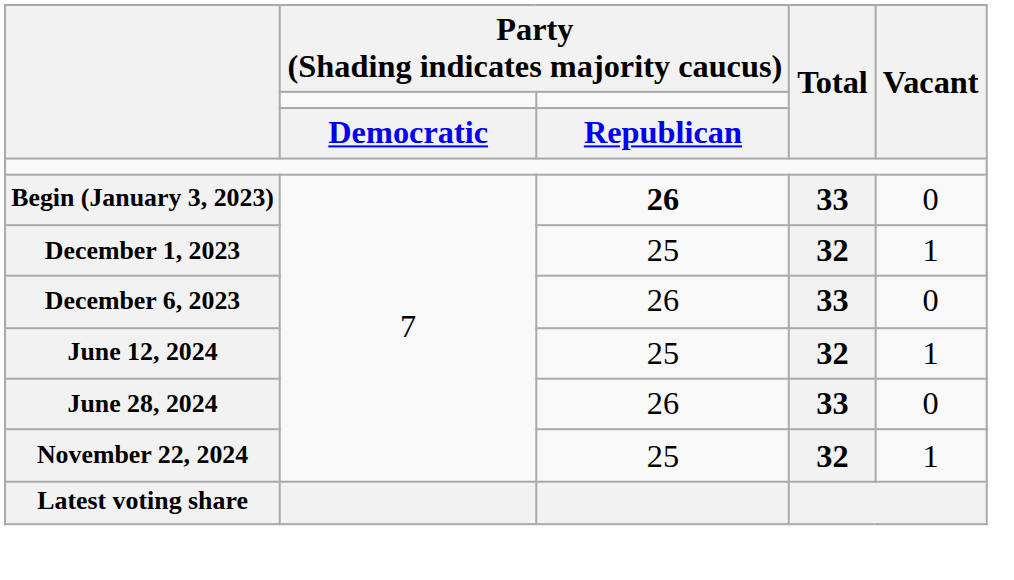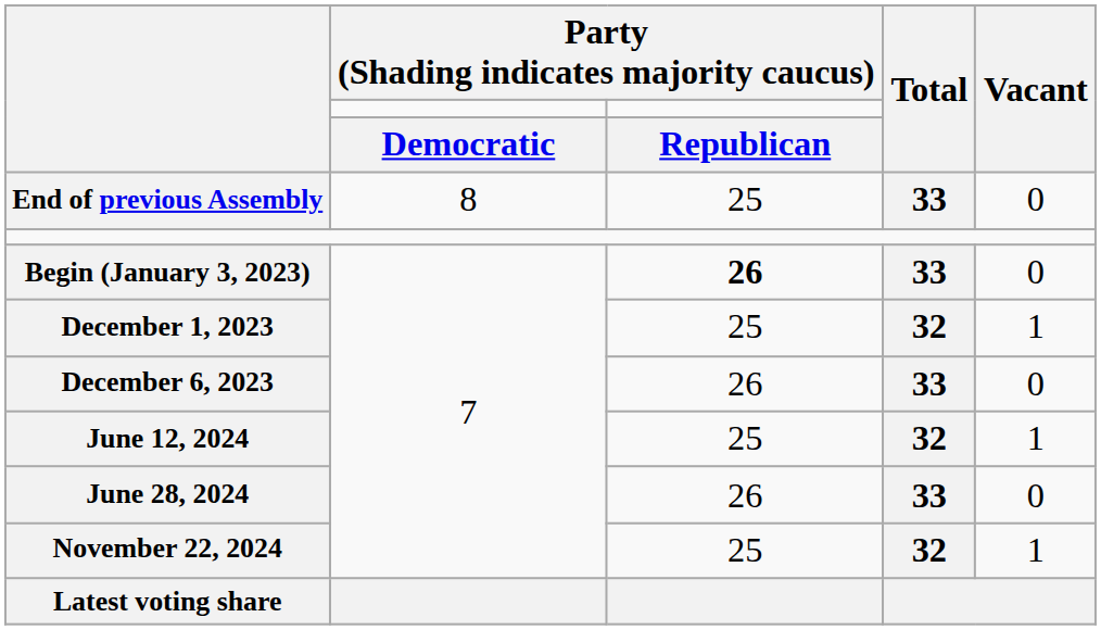 <table class="wikitable" style="text-align:center">
 <tr>
 <th rowspan="3"></th>
 <th colspan="2">Party<div>(Shading indicates majority caucus)</div></th>
 <th rowspan="3">Total</th>
 <th rowspan="3">Vacant</th>
 </tr>
 <tr style="height:5px">
 <td style="background-color:"></td>
 <td style="background-color:"></td>
 </tr>
 <tr>
 <th><a href='#'>Democratic</a></th>
 <th><a href='#'>Republican</a></th>
+</tr>
+<tr>
+<th nowrap="" style="font-size:80%">End of <a href='#'>previous Assembly</a></th>
+<td>8</td>
+<td>25</td>
+<th>33</th>
+<td>0</td>
 </tr>
 <tr>
 <td colspan="5"></td>
 </tr>
 <tr>
 <th nowrap="" style="font-size:80%">Begin (January 3, 2023)</th>
 <td rowspan="6">7</td>
 <td><strong>26</strong></td>
 <th>33</th>
 <td>0</td>
 </tr>
 <tr>
 <th nowrap="" style="font-size:80%">December 1, 2023</th>
 <td>25</td>
 <th>32</th>
 <td>1</td>
 </tr>
 <tr>
 <th nowrap="" style="font-size:80%">December 6, 2023</th>
 <td>26</td>
 <th>33</th>
 <td>0</td>
 </tr>
 <tr>
 <th nowrap="" style="font-size:80%">June 12, 2024</th>
 <td>25</td>
 <th>32</th>
 <td>1</td>
 </tr>
 <tr>
 <th nowrap="" style="font-size:80%">June 28, 2024</th>
 <td>26</td>
 <th>33</th>
 <td>0</td>
 </tr>
 <tr>
 <th nowrap="" style="font-size:80%">November 22, 2024</th>
 <td>25</td>
 <th>32</th>
 <td>1</td>
 </tr>
 <tr>
 <th nowrap="" style="font-size:80%">Latest voting share</th>
 <th></th>
 <th></th>
 <th colspan="2"></th>
 </tr>
 </table>
